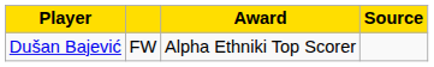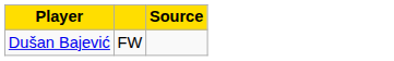 <table class="wikitable">
 <tr>
 <th style="background:#FFDE00">Player</th>
 <th style="background:#FFDE00"></th>
-<th style="background:#FFDE00">Award</th>
 <th style="background:#FFDE00">Source</th>
 </tr>
 <tr>
 <td> <a href='#'>Dušan Bajević</a></td>
 <td align="center">FW</td>
-<td align="center">Alpha Ethniki Top Scorer</td>
 <td align="center"></td>
 </tr>
 </table>
